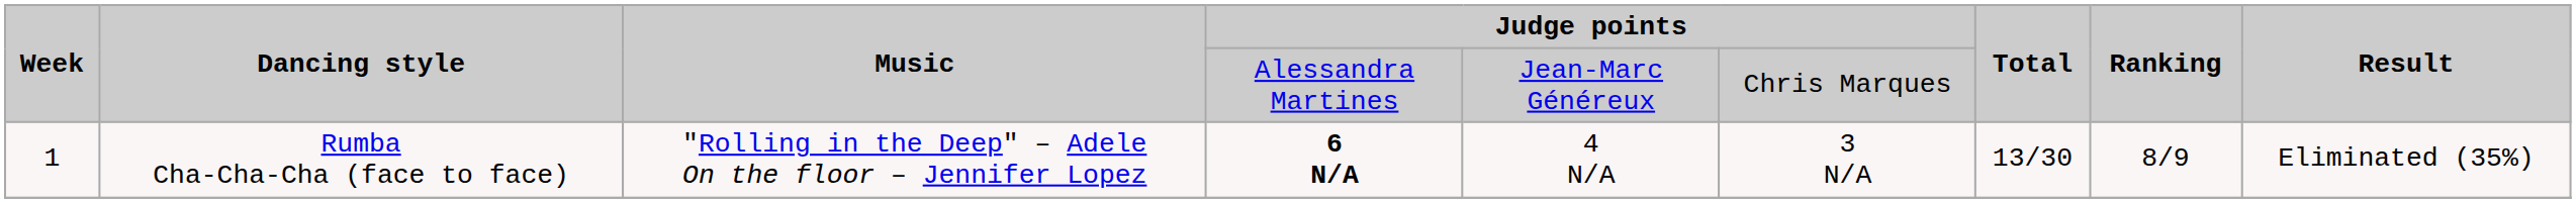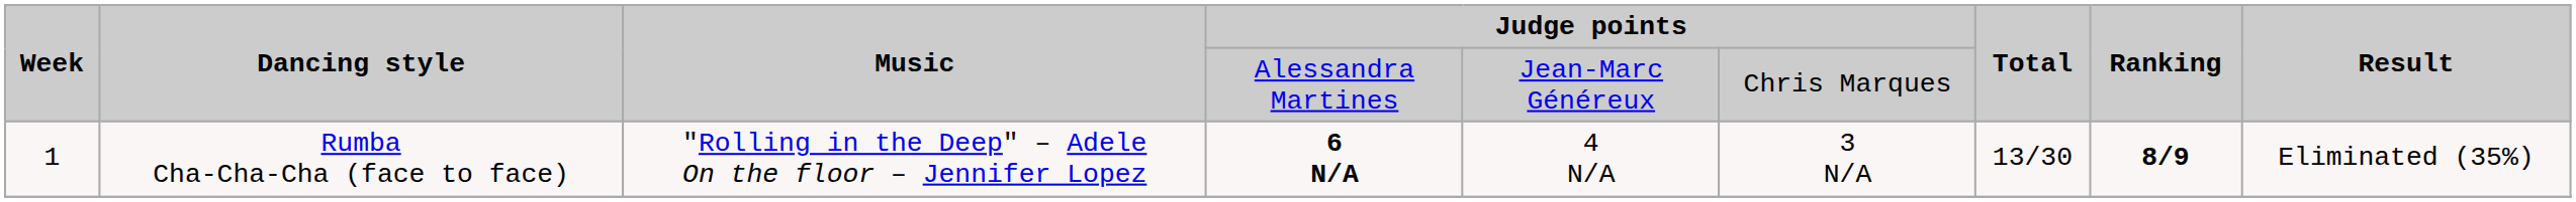 <table class="wikitable">
 <tr style="text-align:Center; background:#ccc; background:#ccc;">
 <td rowspan="2"><strong>Week</strong></td>
 <td rowspan="2"><strong>Dancing style</strong></td>
 <td rowspan="2"><strong>Music</strong></td>
 <td colspan="3"><strong>Judge points</strong></td>
 <td rowspan="2"><strong>Total</strong></td>
 <td rowspan="2"><strong>Ranking</strong></td>
 <td rowspan="2"><strong>Result</strong></td>
 </tr>
 <tr style="text-align:center; background:#ccc; background:#ccc;">
 <td style="width:10%; "><a href='#'>Alessandra Martines</a></td>
 <td style="width:10%; "><a href='#'>Jean-Marc Généreux</a></td>
 <td style="width:10%; ">Chris Marques</td>
 </tr>
 <tr style="text-align:center; background:#faf6f6;">
 <td>1</td>
 <td><a href='#'>Rumba</a><br>Cha-Cha-Cha (face to face)</td>
 <td>"<a href='#'>Rolling in the Deep</a>" – <a href='#'>Adele</a><br><em>On the floor</em> – <a href='#'>Jennifer Lopez</a></td>
 <td><strong>6<br>N/A</strong></td>
 <td>4<br>N/A</td>
 <td>3<br>N/A</td>
 <td>13/30</td>
-<td>8/9</td>
+<td><strong>8/9</strong></td>
 <td>Eliminated (35%)</td>
 </tr>
 <tr>
 </tr>
 <tr>
 </tr>
 </table>
